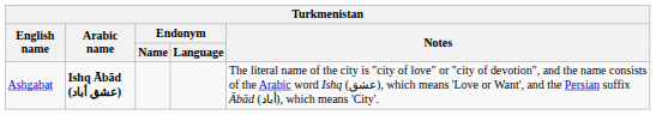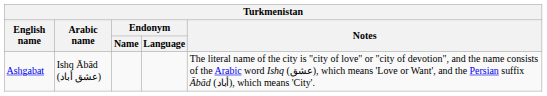 <table class="wikitable sortable">
 <tr>
 <th colspan="5">Turkmenistan</th>
 </tr>
 <tr>
 <th rowspan="2">English name</th>
 <th rowspan="2">Arabic name</th>
 <th colspan="2">Endonym</th>
 <th rowspan="2">Notes</th>
 </tr>
 <tr>
 <th>Name</th>
 <th>Language</th>
 </tr>
 <tr>
 <td><a href='#'>Ashgabat</a></td>
-<td><strong>Ishq Ābād (عشق أباد)</strong></td>
+<td>Ishq Ābād (عشق أباد)</td>
 <td></td>
 <td></td>
 <td>The literal name of the city is "city of love" or "city of devotion", and the name consists of the <a href='#'>Arabic</a> word <em>Ishq</em> (عشق), which means 'Love or Want', and the <a href='#'>Persian</a> suffix <em>Ābād</em> (أباد), which means 'City'.</td>
 </tr>
 </table>
